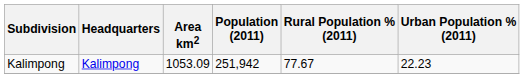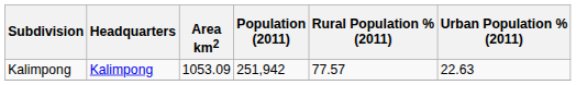 <table class="wikitable sortable">
 <tr>
 <th>Subdivision</th>
 <th>Headquarters</th>
 <th><br>Area<br>km<sup>2</sup></th>
 <th>Population<br>(2011)</th>
 <th>Rural Population %<br>(2011)</th>
 <th>Urban Population % <br>(2011)</th>
 </tr>
 <tr>
 <td>Kalimpong</td>
 <td><a href='#'>Kalimpong</a></td>
 <td>1053.09</td>
 <td>251,942</td>
-<td>77.67</td>
-<td>22.23</td>
+<td>77.57</td>
+<td>22.63</td>
 </tr>
 <tr>
 </tr>
 </table>
